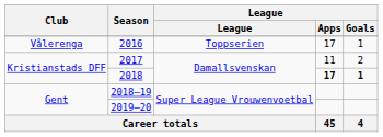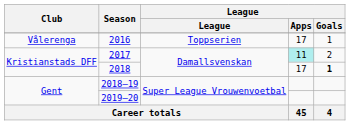 <table class="wikitable" style="text-align: center;">
 <tr>
 <th rowspan="2">Club</th>
 <th rowspan="2">Season</th>
 <th colspan="3">League</th>
 </tr>
 <tr>
 <th>League</th>
 <th>Apps</th>
 <th>Goals</th>
 </tr>
 <tr>
 </tr>
 <tr>
 <td><a href='#'>Vålerenga</a></td>
 <td><a href='#'>2016</a></td>
 <td><a href='#'>Toppserien</a></td>
 <td>17</td>
 <td>1</td>
 </tr>
 <tr>
 <td rowspan="2"><a href='#'>Kristianstads DFF</a></td>
 <td><a href='#'>2017</a></td>
 <td rowspan="2"><a href='#'>Damallsvenskan</a></td>
-<td>11</td>
+<td style="background: paleturquoise;">11</td>
 <td>2</td>
 </tr>
 <tr>
 <td><a href='#'>2018</a></td>
-<td><strong>17</strong></td>
+<td>17</td>
 <td><strong>1</strong></td>
 </tr>
 <tr>
 <td rowspan="2"><a href='#'>Gent</a></td>
 <td><a href='#'>2018–19</a></td>
 <td rowspan="2"><a href='#'>Super League Vrouwenvoetbal</a></td>
 <td></td>
 <td></td>
 </tr>
 <tr>
 <td><a href='#'>2019–20</a></td>
 <td></td>
 <td></td>
 </tr>
 <tr>
 <th colspan="3">Career totals</th>
 <th>45</th>
 <th>4</th>
 </tr>
 </table>
